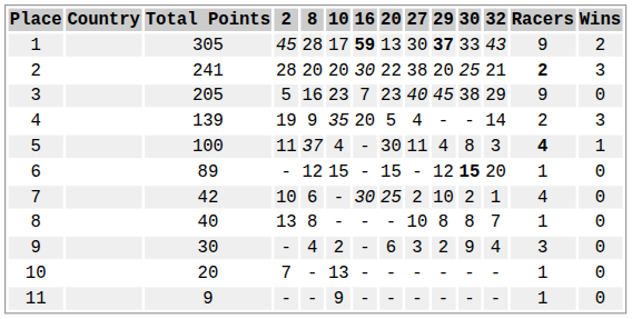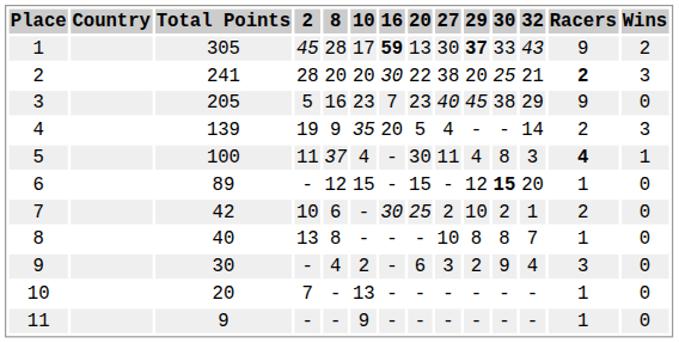 <table border="0" style="border: 1px solid #999; background-color:#FFFFFF; text-align:center">
 <tr align="center" bgcolor="#CCCCCC">
 <th>Place</th>
 <th>Country</th>
 <th>Total Points</th>
 <th>2</th>
 <th>8</th>
 <th>10</th>
 <th>16</th>
 <th>20</th>
 <th>27</th>
 <th>29</th>
 <th>30</th>
 <th>32</th>
 <th>Racers</th>
 <th>Wins</th>
 </tr>
 <tr bgcolor="#EFEFEF">
 <td>1</td>
 <td align="left"></td>
 <td>305</td>
 <td><em>45</em></td>
 <td>28</td>
 <td>17</td>
 <td><strong>59</strong></td>
 <td>13</td>
 <td>30</td>
 <td><strong>37</strong></td>
 <td>33</td>
 <td><em>43</em></td>
 <td>9</td>
 <td>2</td>
 </tr>
 <tr>
 <td>2</td>
 <td align="left"></td>
 <td>241</td>
 <td>28</td>
 <td>20</td>
 <td>20</td>
 <td><em>30</em></td>
 <td>22</td>
 <td>38</td>
 <td>20</td>
 <td><em>25</em></td>
 <td>21</td>
 <td><strong>2</strong></td>
 <td>3</td>
 </tr>
 <tr bgcolor="#EFEFEF">
 <td>3</td>
 <td align="left"></td>
 <td>205</td>
 <td>5</td>
 <td>16</td>
 <td>23</td>
 <td>7</td>
 <td>23</td>
 <td><em>40</em></td>
 <td><em>45</em></td>
 <td>38</td>
 <td>29</td>
 <td>9</td>
 <td>0</td>
 </tr>
 <tr>
 <td>4</td>
 <td align="left"></td>
 <td>139</td>
 <td>19</td>
 <td>9</td>
 <td><em>35</em></td>
 <td>20</td>
 <td>5</td>
 <td>4</td>
 <td>-</td>
 <td>-</td>
 <td>14</td>
 <td>2</td>
 <td>3</td>
 </tr>
 <tr bgcolor="#EFEFEF">
 <td>5</td>
 <td align="left"></td>
 <td>100</td>
 <td>11</td>
 <td><em>37</em></td>
 <td>4</td>
 <td>-</td>
 <td>30</td>
 <td>11</td>
 <td>4</td>
 <td>8</td>
 <td>3</td>
 <td><strong>4</strong></td>
 <td>1</td>
 </tr>
 <tr>
 <td>6</td>
 <td align="left"></td>
 <td>89</td>
 <td>-</td>
 <td>12</td>
 <td>15</td>
 <td>-</td>
 <td>15</td>
 <td>-</td>
 <td>12</td>
 <td><strong>15</strong></td>
 <td>20</td>
 <td>1</td>
 <td>0</td>
 </tr>
 <tr bgcolor="#EFEFEF">
 <td>7</td>
 <td align="left"></td>
 <td>42</td>
 <td>10</td>
 <td>6</td>
 <td>-</td>
 <td><em>30</em></td>
 <td><em>25</em></td>
 <td>2</td>
 <td>10</td>
 <td>2</td>
 <td>1</td>
-<td>4</td>
+<td>2</td>
 <td>0</td>
 </tr>
 <tr>
 <td>8</td>
 <td align="left"></td>
 <td>40</td>
 <td>13</td>
 <td>8</td>
 <td>-</td>
 <td>-</td>
 <td>-</td>
 <td>10</td>
 <td>8</td>
 <td>8</td>
 <td>7</td>
 <td>1</td>
 <td>0</td>
 </tr>
 <tr bgcolor="#EFEFEF">
 <td>9</td>
 <td align="left"></td>
 <td>30</td>
 <td>-</td>
 <td>4</td>
 <td>2</td>
 <td>-</td>
 <td>6</td>
 <td>3</td>
 <td>2</td>
 <td>9</td>
 <td>4</td>
 <td>3</td>
 <td>0</td>
 </tr>
 <tr>
 <td>10</td>
 <td align="left"></td>
 <td>20</td>
 <td>7</td>
 <td>-</td>
 <td>13</td>
 <td>-</td>
 <td>-</td>
 <td>-</td>
 <td>-</td>
 <td>-</td>
 <td>-</td>
 <td>1</td>
 <td>0</td>
 </tr>
 <tr bgcolor="#EFEFEF">
 <td>11</td>
 <td align="left"></td>
 <td>9</td>
 <td>-</td>
 <td>-</td>
 <td>9</td>
 <td>-</td>
 <td>-</td>
 <td>-</td>
 <td>-</td>
 <td>-</td>
 <td>-</td>
 <td>1</td>
 <td>0</td>
 </tr>
 </table>
